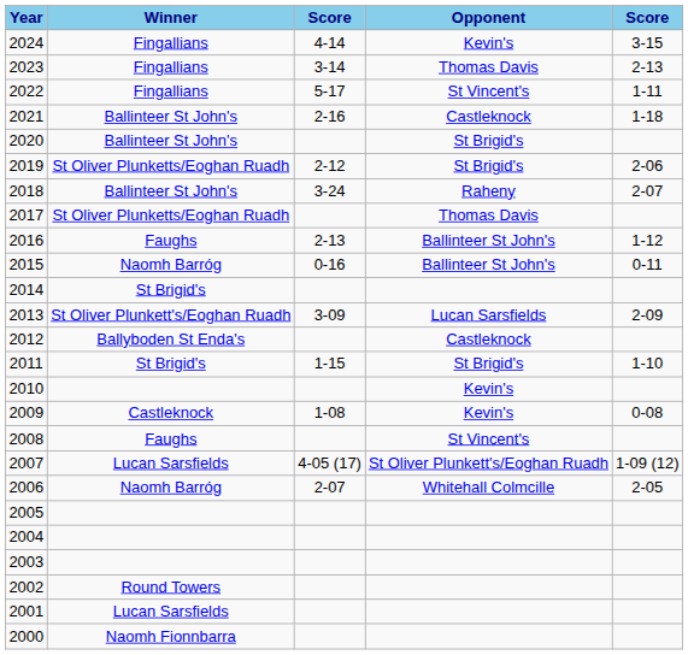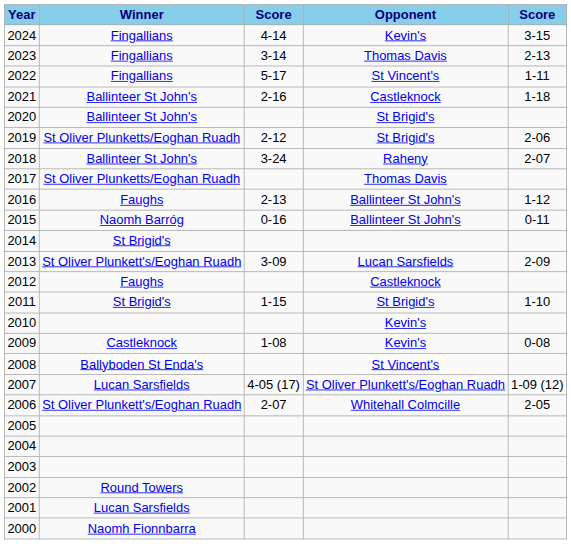 <table class="wikitable" style="text-align:center;">
 <tr>
 <th style="background:skyblue;color:navy;">Year</th>
 <th style="background:skyblue;color:navy;">Winner</th>
 <th style="background:skyblue;color:navy;">Score</th>
 <th style="background:skyblue;color:navy;">Opponent</th>
 <th style="background:skyblue;color:navy;">Score</th>
 </tr>
 <tr>
 <td>2024</td>
 <td><a href='#'>Fingallians</a></td>
 <td>4-14</td>
 <td><a href='#'>Kevin's</a></td>
 <td>3-15</td>
 </tr>
 <tr>
 <td>2023</td>
 <td><a href='#'>Fingallians</a></td>
 <td>3-14</td>
 <td><a href='#'>Thomas Davis</a></td>
 <td>2-13</td>
 </tr>
 <tr>
 <td>2022</td>
 <td><a href='#'>Fingallians</a></td>
 <td>5-17</td>
 <td><a href='#'>St Vincent's</a></td>
 <td>1-11</td>
 </tr>
 <tr>
 <td>2021</td>
 <td><a href='#'>Ballinteer St John's</a></td>
 <td>2-16</td>
 <td><a href='#'>Castleknock</a></td>
 <td>1-18</td>
 </tr>
 <tr>
 <td>2020</td>
 <td><a href='#'>Ballinteer St John's</a></td>
 <td></td>
 <td><a href='#'>St Brigid's</a></td>
 <td></td>
 </tr>
 <tr>
 <td>2019</td>
 <td><a href='#'>St Oliver Plunketts/Eoghan Ruadh</a></td>
 <td>2-12</td>
 <td><a href='#'>St Brigid's</a></td>
 <td>2-06</td>
 </tr>
 <tr>
 <td>2018</td>
 <td><a href='#'>Ballinteer St John's</a></td>
 <td>3-24</td>
 <td><a href='#'>Raheny</a></td>
 <td>2-07</td>
 </tr>
 <tr>
 <td>2017</td>
 <td><a href='#'>St Oliver Plunketts/Eoghan Ruadh</a></td>
 <td></td>
 <td><a href='#'>Thomas Davis</a></td>
 <td></td>
 </tr>
 <tr>
 <td>2016</td>
 <td><a href='#'>Faughs</a></td>
 <td>2-13</td>
 <td><a href='#'>Ballinteer St John's</a></td>
 <td>1-12</td>
 </tr>
 <tr>
 <td>2015</td>
 <td><a href='#'>Naomh Barróg</a></td>
 <td>0-16</td>
 <td><a href='#'>Ballinteer St John's</a></td>
 <td>0-11</td>
 </tr>
 <tr>
 <td>2014</td>
 <td><a href='#'>St Brigid's</a></td>
 <td></td>
 <td></td>
 <td></td>
 </tr>
 <tr>
 <td>2013</td>
 <td><a href='#'>St Oliver Plunkett's/Eoghan Ruadh</a></td>
 <td>3-09</td>
 <td><a href='#'>Lucan Sarsfields</a></td>
 <td>2-09</td>
 </tr>
 <tr>
 <td>2012</td>
-<td><a href='#'>Ballyboden St Enda's</a></td>
+<td><a href='#'>Faughs</a></td>
 <td></td>
 <td><a href='#'>Castleknock</a></td>
 <td></td>
 </tr>
 <tr>
 <td>2011</td>
 <td><a href='#'>St Brigid's</a></td>
 <td>1-15</td>
 <td><a href='#'>St Brigid's</a></td>
 <td>1-10</td>
 </tr>
 <tr>
 <td>2010</td>
 <td></td>
 <td></td>
 <td><a href='#'>Kevin's</a></td>
 <td></td>
 </tr>
 <tr>
 <td>2009</td>
 <td><a href='#'>Castleknock</a></td>
 <td>1-08</td>
 <td><a href='#'>Kevin's</a></td>
 <td>0-08</td>
 </tr>
 <tr>
 <td>2008</td>
-<td><a href='#'>Faughs</a></td>
+<td><a href='#'>Ballyboden St Enda's</a></td>
 <td></td>
 <td><a href='#'>St Vincent's</a></td>
 <td></td>
 </tr>
 <tr>
 <td>2007</td>
 <td><a href='#'>Lucan Sarsfields</a></td>
 <td>4-05 (17)</td>
 <td><a href='#'>St Oliver Plunkett's/Eoghan Ruadh</a></td>
 <td>1-09 (12)</td>
 </tr>
 <tr>
 <td>2006</td>
-<td><a href='#'>Naomh Barróg</a></td>
+<td><a href='#'>St Oliver Plunkett's/Eoghan Ruadh</a></td>
 <td>2-07</td>
 <td><a href='#'>Whitehall Colmcille</a></td>
 <td>2-05</td>
 </tr>
 <tr>
 <td>2005</td>
 <td></td>
 <td></td>
 <td></td>
 <td></td>
 </tr>
 <tr>
 <td>2004</td>
 <td></td>
 <td></td>
 <td></td>
 <td></td>
 </tr>
 <tr>
 <td>2003</td>
 <td></td>
 <td></td>
 <td></td>
 <td></td>
 </tr>
 <tr>
 <td>2002</td>
 <td><a href='#'>Round Towers</a></td>
 <td></td>
 <td></td>
 <td></td>
 </tr>
 <tr>
 <td>2001</td>
 <td><a href='#'>Lucan Sarsfields</a></td>
 <td></td>
 <td></td>
 <td></td>
 </tr>
 <tr>
 <td>2000</td>
 <td><a href='#'>Naomh Fionnbarra</a></td>
 <td></td>
 <td></td>
 <td></td>
 </tr>
 </table>
